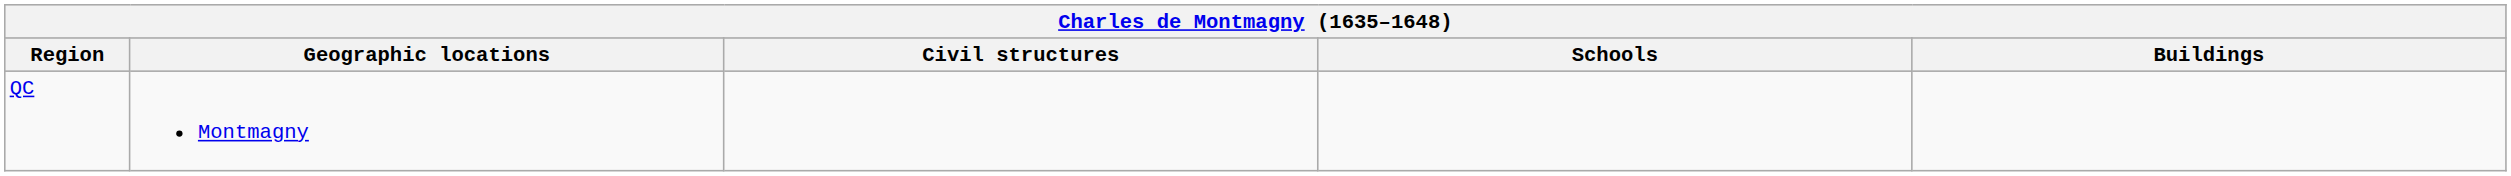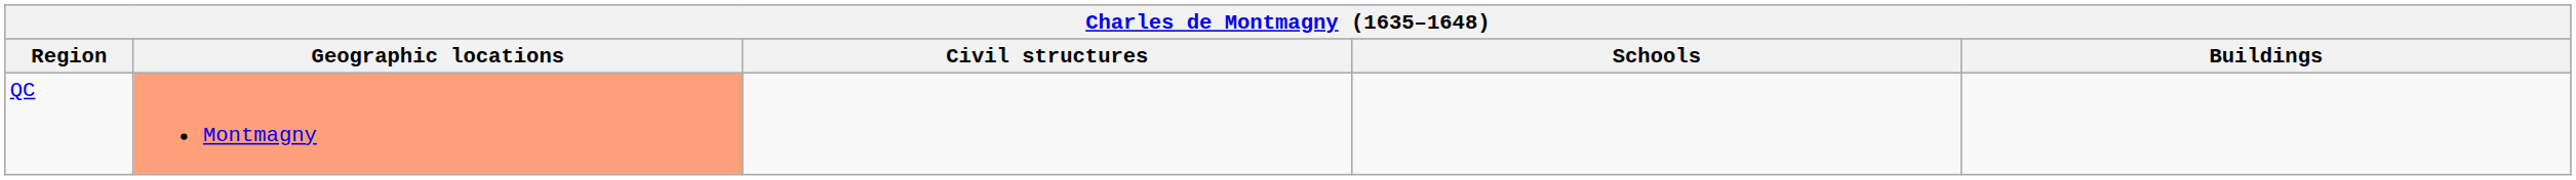 <table class="wikitable" width="100%">
 <tr>
 <th colspan="5"> <a href='#'>Charles de Montmagny</a> (1635–1648)</th>
 </tr>
 <tr>
 <th width="5%">Region</th>
 <th width="23.75%">Geographic locations</th>
 <th width="23.75%">Civil structures</th>
 <th width="23.75%">Schools</th>
 <th width="23.75%">Buildings</th>
 </tr>
 <tr>
 <td align=left valign=top> <a href='#'>QC</a></td>
-<td align=left valign=top><br><ul><li><a href='#'>Montmagny</a></li></ul></td>
+<td align=left valign=top style="background: lightsalmon;"><br><ul><li><a href='#'>Montmagny</a></li></ul></td>
 <td></td>
 <td></td>
 <td></td>
 </tr>
 </table>
